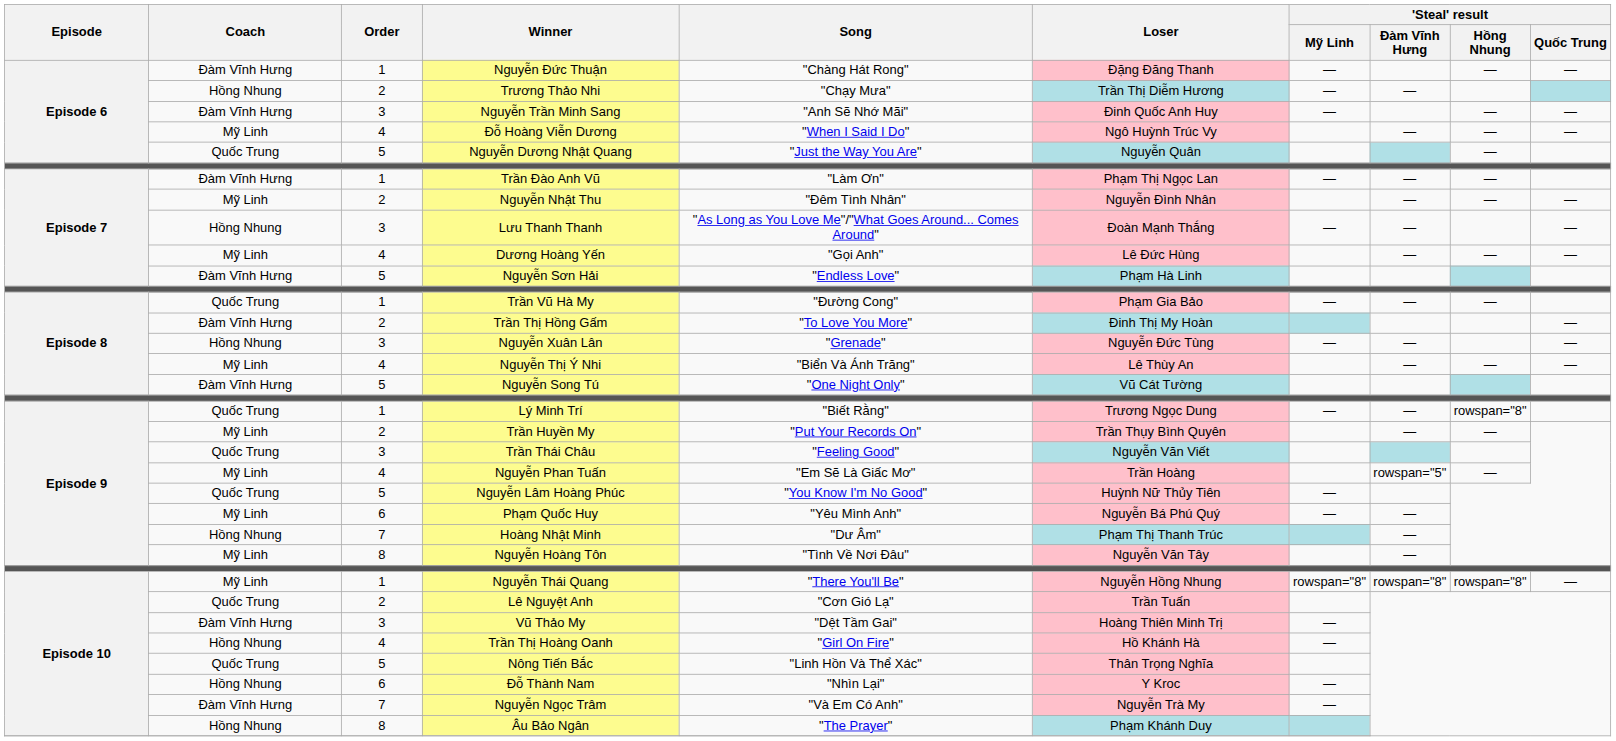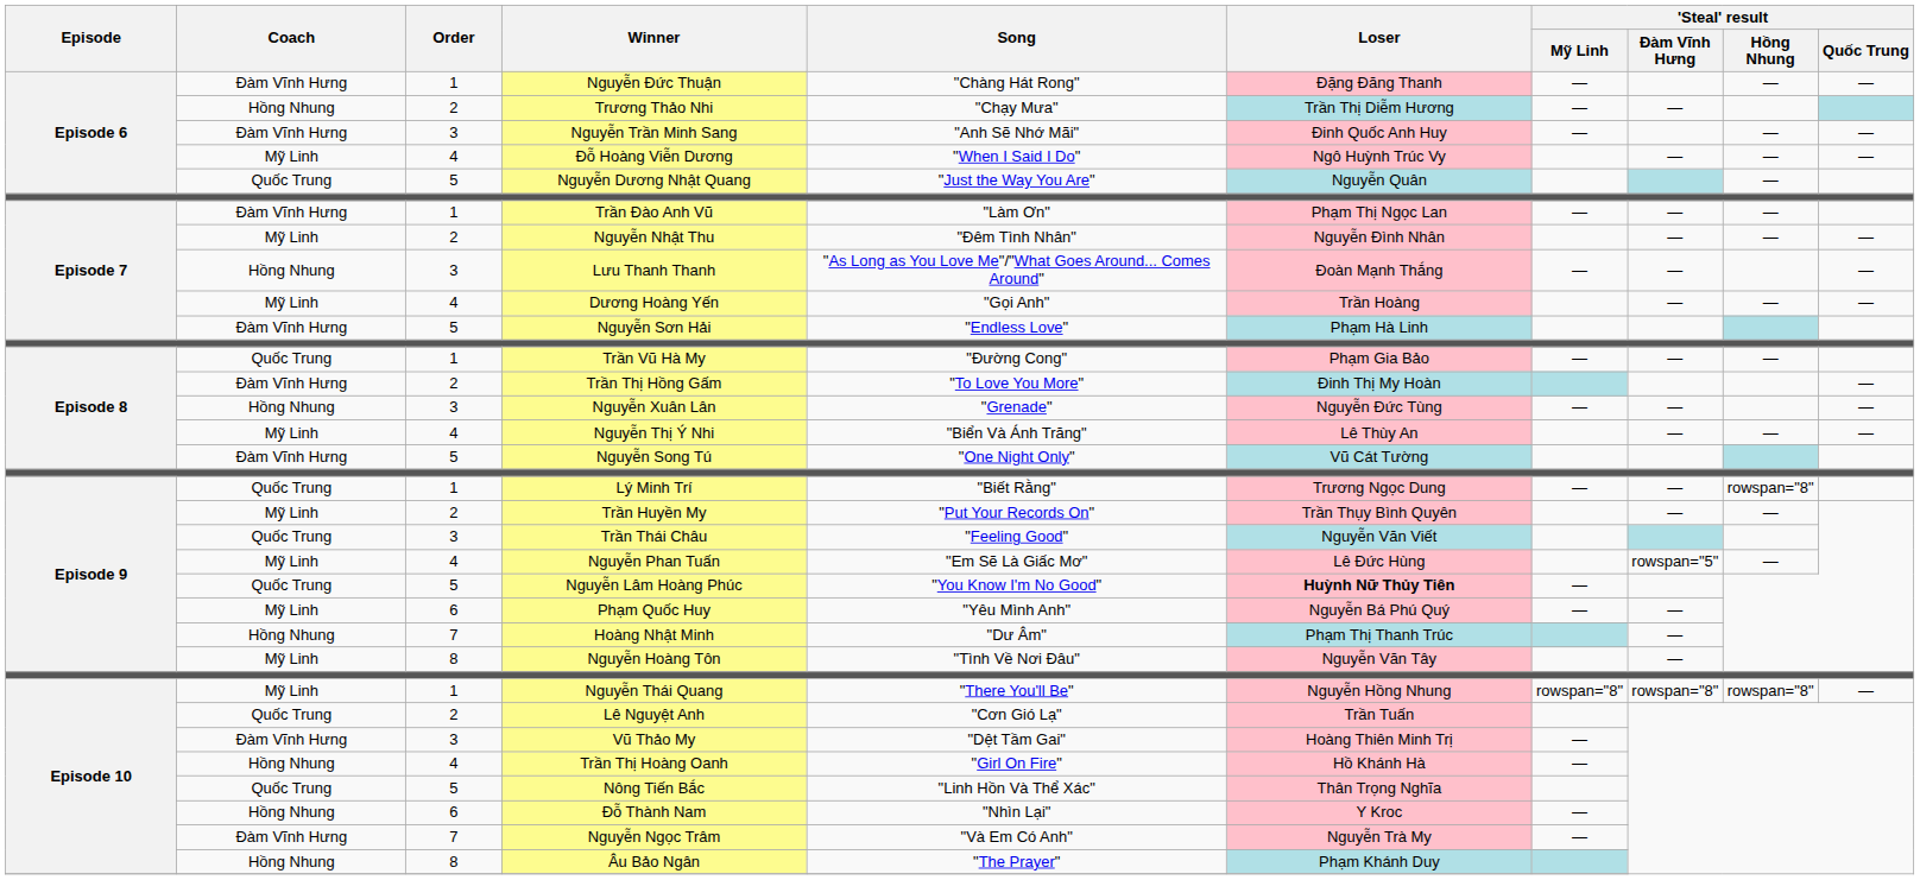 <table class="wikitable" style="text-align: center; width:100%;">
 <tr>
 <th rowspan="2" style="width:09%;">Episode</th>
 <th rowspan="2" style="width:12%;">Coach</th>
 <th rowspan="2" style="width:05%;">Order</th>
 <th rowspan="2" style="width:16%;">Winner</th>
 <th rowspan="2" style="width:22%;">Song</th>
 <th rowspan="2" style="width:16%;">Loser</th>
 <th colspan="4" style="width:20%;">'Steal' result</th>
 </tr>
 <tr>
 <th style="width:05%;">Mỹ Linh</th>
 <th style="width:05%;">Đàm Vĩnh Hưng</th>
 <th style="width:05%;">Hồng Nhung</th>
 <th style="width:05%;">Quốc Trung</th>
 </tr>
 <tr>
 <th rowspan="5">Episode 6<br><small></small></th>
 <td>Đàm Vĩnh Hưng</td>
 <td>1</td>
 <td style="background:#fdfc8f;">Nguyễn Đức Thuận</td>
 <td>"Chàng Hát Rong"</td>
 <td style="background:pink">Đặng Đăng Thanh</td>
 <td>—</td>
 <td></td>
 <td>—</td>
 <td>—</td>
 </tr>
 <tr>
 <td>Hồng Nhung</td>
 <td>2</td>
 <td style="background:#fdfc8f;">Trương Thảo Nhi</td>
 <td>"Chạy Mưa"</td>
 <td style="background:#B0E0E6;">Trần Thị Diễm Hương</td>
 <td>—</td>
 <td>—</td>
 <td></td>
 <td style="background:#B0E0E6;"><strong></strong></td>
 </tr>
 <tr>
 <td>Đàm Vĩnh Hưng</td>
 <td>3</td>
 <td style="background:#fdfc8f;">Nguyễn Trần Minh Sang</td>
 <td>"Anh Sẽ Nhớ Mãi"</td>
 <td style="background:pink;">Đinh Quốc Anh Huy</td>
 <td>—</td>
 <td></td>
 <td>—</td>
 <td>—</td>
 </tr>
 <tr>
 <td>Mỹ Linh</td>
 <td>4</td>
 <td style="background:#fdfc8f;">Đỗ Hoàng Viễn Dương</td>
 <td>"<a href='#'>When I Said I Do</a>"</td>
 <td style="background:pink;">Ngô Huỳnh Trúc Vy</td>
 <td></td>
 <td>—</td>
 <td>—</td>
 <td>—</td>
 </tr>
 <tr>
 <td>Quốc Trung</td>
 <td>5</td>
 <td style="background:#fdfc8f;">Nguyễn Dương Nhật Quang</td>
 <td>"<a href='#'>Just the Way You Are</a>"</td>
 <td style="background:#B0E0E6;">Nguyễn Quân</td>
 <td><strong></strong></td>
 <td style="background:#B0E0E6;"><strong></strong></td>
 <td>—</td>
 <td></td>
 </tr>
 <tr>
 <td colspan="10" style="background:#555;"></td>
 </tr>
 <tr>
 <th rowspan="5">Episode 7<br><small></small></th>
 <td>Đàm Vĩnh Hưng</td>
 <td>1</td>
 <td style="background:#fdfc8f;">Trần Đào Anh Vũ</td>
 <td>"Làm Ơn"</td>
 <td style="background:pink">Phạm Thị Ngọc Lan</td>
 <td>—</td>
 <td>—</td>
 <td>—</td>
 <td></td>
 </tr>
 <tr>
 <td>Mỹ Linh</td>
 <td>2</td>
 <td style="background:#fdfc8f;">Nguyễn Nhật Thu</td>
 <td>"Đêm Tình Nhân"</td>
 <td style="background:pink;">Nguyễn Đình Nhân</td>
 <td></td>
 <td>—</td>
 <td>—</td>
 <td>—</td>
 </tr>
 <tr>
 <td>Hồng Nhung</td>
 <td>3</td>
 <td style="background:#fdfc8f;">Lưu Thanh Thanh</td>
 <td>"<a href='#'>As Long as You Love Me</a>"/"<a href='#'>What Goes Around... Comes Around</a>"</td>
 <td style="background:pink;">Đoàn Mạnh Thắng</td>
 <td>—</td>
 <td>—</td>
 <td></td>
 <td>—</td>
 </tr>
 <tr>
 <td>Mỹ Linh</td>
 <td>4</td>
 <td style="background:#fdfc8f;">Dương Hoàng Yến</td>
 <td>"Gọi Anh"</td>
-<td style="background:pink;">Lê Đức Hùng</td>
+<td style="background:pink;">Trần Hoàng</td>
 <td></td>
 <td>—</td>
 <td>—</td>
 <td>—</td>
 </tr>
 <tr>
 <td>Đàm Vĩnh Hưng</td>
 <td>5</td>
 <td style="background:#fdfc8f;">Nguyễn Sơn Hải</td>
 <td>"<a href='#'>Endless Love</a>"</td>
 <td style="background:#B0E0E6;">Phạm Hà Linh</td>
 <td><strong></strong></td>
 <td></td>
 <td style="background:#B0E0E6;"><strong></strong></td>
 <td><strong></strong></td>
 </tr>
 <tr>
 <td colspan="10" style="background:#555;"></td>
 </tr>
 <tr>
 <th rowspan="5">Episode 8<br><small></small></th>
 <td>Quốc Trung</td>
 <td>1</td>
 <td style="background:#fdfc8f;">Trần Vũ Hà My</td>
 <td>"Đường Cong"</td>
 <td style="background:pink">Phạm Gia Bảo</td>
 <td>—</td>
 <td>—</td>
 <td>—</td>
 <td></td>
 </tr>
 <tr>
 <td>Đàm Vĩnh Hưng</td>
 <td>2</td>
 <td style="background:#fdfc8f;">Trần Thị Hồng Gấm</td>
 <td>"<a href='#'>To Love You More</a>"</td>
 <td style="background:#B0E0E6;">Đinh Thị My Hoàn</td>
 <td style="background:#B0E0E6;"><strong></strong></td>
 <td></td>
 <td><strong></strong></td>
 <td>—</td>
 </tr>
 <tr>
 <td>Hồng Nhung</td>
 <td>3</td>
 <td style="background:#fdfc8f;">Nguyễn Xuân Lân</td>
 <td>"<a href='#'>Grenade</a>"</td>
 <td style="background:pink;">Nguyễn Đức Tùng</td>
 <td>—</td>
 <td>—</td>
 <td></td>
 <td>—</td>
 </tr>
 <tr>
 <td>Mỹ Linh</td>
 <td>4</td>
 <td style="background:#fdfc8f;">Nguyễn Thị Ý Nhi</td>
 <td>"Biển Và Ánh Trăng"</td>
 <td style="background:pink;">Lê Thùy An</td>
 <td></td>
 <td>—</td>
 <td>—</td>
 <td>—</td>
 </tr>
 <tr>
 <td>Đàm Vĩnh Hưng</td>
 <td>5</td>
 <td style="background:#fdfc8f;">Nguyễn Song Tú</td>
 <td>"<a href='#'>One Night Only</a>"</td>
 <td style="background:#B0E0E6;">Vũ Cát Tường</td>
 <td><strong></strong></td>
 <td></td>
 <td style="background:#B0E0E6;"><strong></strong></td>
 <td><strong></strong></td>
 </tr>
 <tr>
 <td colspan="10" style="background:#555;"></td>
 </tr>
 <tr>
 <th rowspan="8">Episode 9<br><small></small></th>
 <td>Quốc Trung</td>
 <td>1</td>
 <td style="background:#fdfc8f;">Lý Minh Trí</td>
 <td>"Biết Rằng"</td>
 <td style="background:pink">Trương Ngọc Dung</td>
 <td>—</td>
 <td>—</td>
 <td>rowspan="8" </td>
 <td></td>
 </tr>
 <tr>
 <td>Mỹ Linh</td>
 <td>2</td>
 <td style="background:#fdfc8f;">Trần Huyền My</td>
 <td>"<a href='#'>Put Your Records On</a>"</td>
 <td style="background:pink;">Trần Thụy Bình Quyên</td>
 <td></td>
 <td>—</td>
 <td>—</td>
 </tr>
 <tr>
 <td>Quốc Trung</td>
 <td>3</td>
 <td style="background:#fdfc8f;">Trần Thái Châu</td>
 <td>"<a href='#'>Feeling Good</a>"</td>
 <td style="background:#B0E0E6;">Nguyễn Văn Viết</td>
 <td><strong></strong></td>
 <td style="background:#B0E0E6;"><strong></strong></td>
 <td></td>
 </tr>
 <tr>
 <td>Mỹ Linh</td>
 <td>4</td>
 <td style="background:#fdfc8f;">Nguyễn Phan Tuấn</td>
 <td>"Em Sẽ Là Giấc Mơ"</td>
-<td style="background:pink;">Trần Hoàng</td>
+<td style="background:pink;">Lê Đức Hùng</td>
 <td></td>
 <td>rowspan="5" </td>
 <td>—</td>
 </tr>
 <tr>
 <td>Quốc Trung</td>
 <td>5</td>
 <td style="background:#fdfc8f;">Nguyễn Lâm Hoàng Phúc</td>
 <td>"<a href='#'>You Know I'm No Good</a>"</td>
-<td style="background:pink">Huỳnh Nữ Thủy Tiên</td>
+<td style="background:pink"><strong>Huỳnh Nữ Thủy Tiên</strong></td>
 <td>—</td>
 <td></td>
 </tr>
 <tr>
 <td>Mỹ Linh</td>
 <td>6</td>
 <td style="background:#fdfc8f;">Phạm Quốc Huy</td>
 <td>"Yêu Mình Anh"</td>
 <td style="background:pink">Nguyễn Bá Phú Quý</td>
 <td>—</td>
 <td>—</td>
 </tr>
 <tr>
 <td>Hồng Nhung</td>
 <td>7</td>
 <td style="background:#fdfc8f;">Hoàng Nhật Minh</td>
 <td>"Dư Âm"</td>
 <td style="background:#B0E0E6;">Phạm Thị Thanh Trúc</td>
 <td style="background:#B0E0E6;"><strong></strong></td>
 <td>—</td>
 </tr>
 <tr>
 <td>Mỹ Linh</td>
 <td>8</td>
 <td style="background:#fdfc8f;">Nguyễn Hoàng Tôn</td>
 <td>"Tình Về Nơi Đâu"</td>
 <td style="background:pink;">Nguyễn Văn Tây</td>
 <td></td>
 <td>—</td>
 </tr>
 <tr>
 <td colspan="10" style="background:#555;"></td>
 </tr>
 <tr>
 <th rowspan="8">Episode 10<br><small></small></th>
 <td>Mỹ Linh</td>
 <td>1</td>
 <td style="background:#fdfc8f;">Nguyễn Thái Quang</td>
 <td>"<a href='#'>There You'll Be</a>"</td>
 <td style="background:pink">Nguyễn Hồng Nhung</td>
 <td>rowspan="8" </td>
 <td>rowspan="8" </td>
 <td>rowspan="8" </td>
 <td>—</td>
 </tr>
 <tr>
 <td>Quốc Trung</td>
 <td>2</td>
 <td style="background:#fdfc8f;">Lê Nguyệt Anh</td>
 <td>"Cơn Gió Lạ"</td>
 <td style="background:pink;">Trần Tuấn</td>
 <td></td>
 </tr>
 <tr>
 <td>Đàm Vĩnh Hưng</td>
 <td>3</td>
 <td style="background:#fdfc8f;">Vũ Thảo My</td>
 <td>"Dệt Tầm Gai"</td>
 <td style="background:pink;">Hoàng Thiên Minh Trị</td>
 <td>—</td>
 </tr>
 <tr>
 <td>Hồng Nhung</td>
 <td>4</td>
 <td style="background:#fdfc8f;">Trần Thị Hoàng Oanh</td>
 <td>"<a href='#'>Girl On Fire</a>"</td>
 <td style="background:pink;">Hồ Khánh Hà</td>
 <td>—</td>
 </tr>
 <tr>
 <td>Quốc Trung</td>
 <td>5</td>
 <td style="background:#fdfc8f;">Nông Tiến Bắc</td>
 <td>"Linh Hồn Và Thể Xác"</td>
 <td style="background:pink">Thân Trọng Nghĩa</td>
 <td></td>
 </tr>
 <tr>
 <td>Hồng Nhung</td>
 <td>6</td>
 <td style="background:#fdfc8f;">Đỗ Thành Nam</td>
 <td>"Nhìn Lại"</td>
 <td style="background:pink">Y Kroc</td>
 <td>—</td>
 </tr>
 <tr>
 <td>Đàm Vĩnh Hưng</td>
 <td>7</td>
 <td style="background:#fdfc8f;">Nguyễn Ngọc Trâm</td>
 <td>"Và Em Có Anh"</td>
 <td style="background:pink;">Nguyễn Trà My</td>
 <td>—</td>
 </tr>
 <tr>
 <td>Hồng Nhung</td>
 <td>8</td>
 <td style="background:#fdfc8f;">Âu Bảo Ngân</td>
 <td>"<a href='#'>The Prayer</a>"</td>
 <td style="background:#B0E0E6;">Phạm Khánh Duy</td>
 <td style="background:#B0E0E6;"><strong></strong></td>
 </tr>
 <tr>
 </tr>
 </table>
